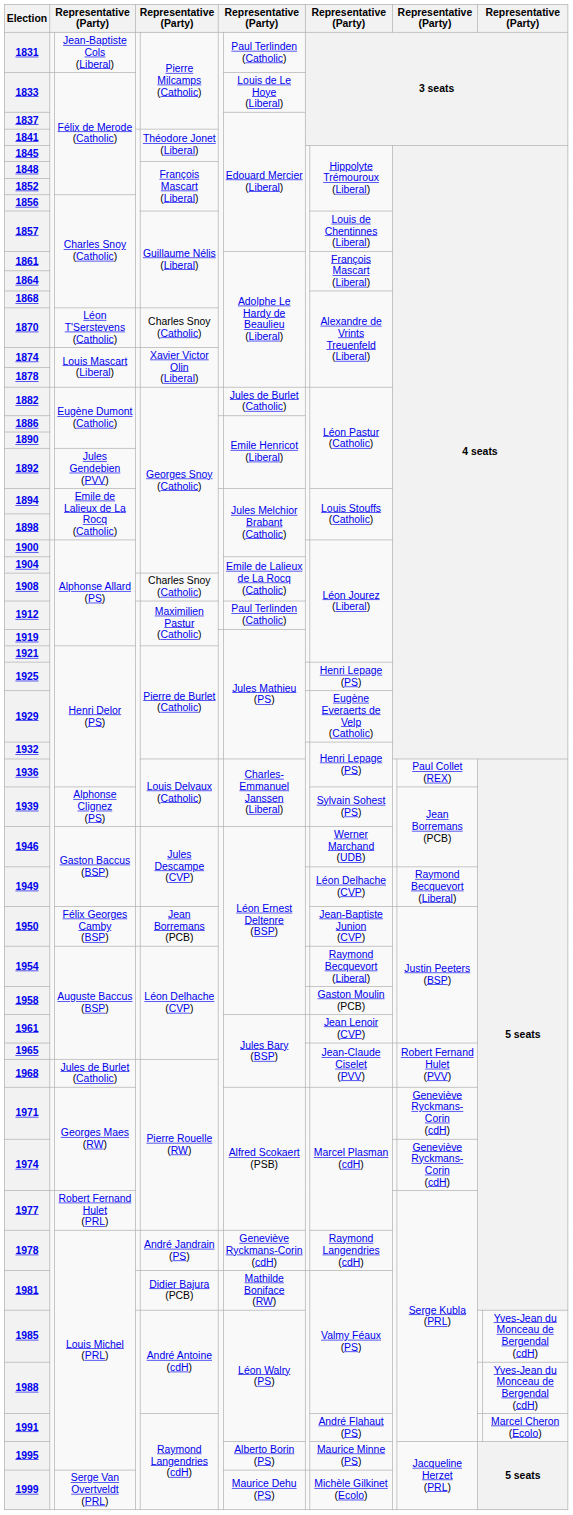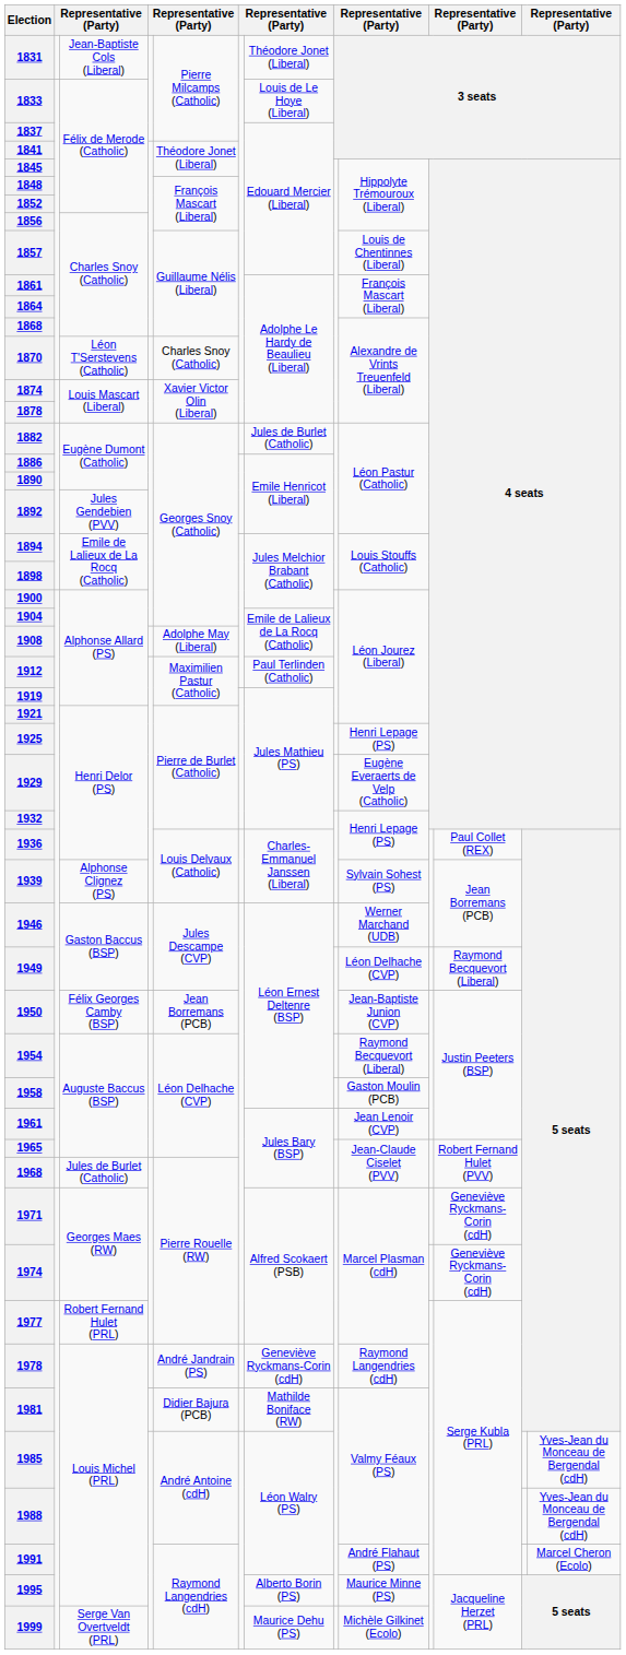 <table class="wikitable" style="text-align:center">
 <tr>
 <th>Election</th>
 <th colspan=2>Representative<br>(Party)</th>
 <th colspan=2>Representative<br>(Party)</th>
 <th colspan=2>Representative<br>(Party)</th>
 <th colspan=2>Representative<br>(Party)</th>
 <th colspan=2>Representative<br>(Party)</th>
 <th colspan=2>Representative<br>(Party)</th>
 </tr>
 <tr>
 <th><a href='#'>1831</a></th>
 <td rowspan=1; style="background-color: "></td>
 <td rowspan=1><a href='#'>Jean-Baptiste Cols</a><br>(<a href='#'>Liberal</a>)</td>
 <td rowspan=3; style="background-color: "></td>
 <td rowspan=3><a href='#'>Pierre Milcamps</a><br>(<a href='#'>Catholic</a>)</td>
 <td rowspan=15; style="background-color: "></td>
-<td rowspan=1><a href='#'>Paul Terlinden</a><br>(<a href='#'>Catholic</a>)</td>
+<td rowspan=1><a href='#'>Théodore Jonet</a><br>(<a href='#'>Liberal</a>)</td>
 <th colspan=6; rowspan=4>3 seats</th>
 </tr>
 <tr>
 <th><a href='#'>1833</a></th>
 <td rowspan=12; style="background-color: "></td>
 <td rowspan=6><a href='#'>Félix de Merode</a><br>(<a href='#'>Catholic</a>)</td>
 <td rowspan=1><a href='#'>Louis de Le Hoye</a><br>(<a href='#'>Liberal</a>)</td>
 </tr>
 <tr>
 <th><a href='#'>1837</a></th>
 <td rowspan=7><a href='#'>Edouard Mercier</a><br>(<a href='#'>Liberal</a>)</td>
 </tr>
 <tr>
 <th><a href='#'>1841</a></th>
 <td rowspan=9; style="background-color: "></td>
 <td rowspan=2><a href='#'>Théodore Jonet</a><br>(<a href='#'>Liberal</a>)</td>
 </tr>
 <tr>
 <th><a href='#'>1845</a></th>
 <td rowspan=11; style="background-color: "></td>
 <td rowspan=4><a href='#'>Hippolyte Trémouroux</a><br>(<a href='#'>Liberal</a>)</td>
 <th colspan=4; rowspan=26>4 seats</th>
 </tr>
 <tr>
 <th><a href='#'>1848</a></th>
 <td rowspan=3><a href='#'>François Mascart</a><br>(<a href='#'>Liberal</a>)</td>
 </tr>
 <tr>
 <th><a href='#'>1852</a></th>
 </tr>
 <tr>
 <th><a href='#'>1856</a></th>
 <td rowspan=5><a href='#'>Charles Snoy</a><br>(<a href='#'>Catholic</a>)</td>
 </tr>
 <tr>
 <th><a href='#'>1857</a></th>
 <td rowspan=4><a href='#'>Guillaume Nélis</a><br>(<a href='#'>Liberal</a>)</td>
 <td rowspan=1><a href='#'>Louis de Chentinnes</a><br>(<a href='#'>Liberal</a>)</td>
 </tr>
 <tr>
 <th><a href='#'>1861</a></th>
 <td rowspan=6><a href='#'>Adolphe Le Hardy de Beaulieu</a><br>(<a href='#'>Liberal</a>)</td>
 <td rowspan=2><a href='#'>François Mascart</a><br>(<a href='#'>Liberal</a>)</td>
 </tr>
 <tr>
 <th><a href='#'>1864</a></th>
 </tr>
 <tr>
 <th><a href='#'>1868</a></th>
 <td rowspan=4><a href='#'>Alexandre de Vrints Treuenfeld</a><br>(<a href='#'>Liberal</a>)</td>
 </tr>
 <tr>
 <th><a href='#'>1870</a></th>
 <td rowspan=1><a href='#'>Léon T'Serstevens</a><br>(<a href='#'>Catholic</a>)</td>
 <td rowspan=1; style="background-color: "></td>
 <td>Charles Snoy<br>(<a href='#'>Catholic</a>)</td>
 </tr>
 <tr>
 <th><a href='#'>1874</a></th>
 <td rowspan=2; style="background-color: "></td>
 <td rowspan=2><a href='#'>Louis Mascart</a><br>(<a href='#'>Liberal</a>)</td>
 <td rowspan=2; style="background-color: "></td>
 <td rowspan=2><a href='#'>Xavier Victor Olin</a><br>(<a href='#'>Liberal</a>)</td>
 </tr>
 <tr>
 <th><a href='#'>1878</a></th>
 </tr>
 <tr>
 <th><a href='#'>1882</a></th>
 <td rowspan=6; style="background-color: "></td>
 <td rowspan=3><a href='#'>Eugène Dumont</a><br>(<a href='#'>Catholic</a>)</td>
 <td rowspan=8; style="background-color: "></td>
 <td rowspan=8><a href='#'>Georges Snoy</a><br>(<a href='#'>Catholic</a>)</td>
 <td rowspan=1; style="background-color: "></td>
 <td rowspan=1><a href='#'>Jules de Burlet</a><br>(<a href='#'>Catholic</a>)</td>
 <td rowspan=6; style="background-color: "></td>
 <td rowspan=4><a href='#'>Léon Pastur</a><br>(<a href='#'>Catholic</a>)</td>
 </tr>
 <tr>
 <th><a href='#'>1886</a></th>
 <td rowspan=3; style="background-color: "></td>
 <td rowspan=3><a href='#'>Emile Henricot</a><br>(<a href='#'>Liberal</a>)</td>
 </tr>
 <tr>
 <th><a href='#'>1890</a></th>
 </tr>
 <tr>
 <th><a href='#'>1892</a></th>
 <td rowspan=1><a href='#'>Jules Gendebien</a><br>(<a href='#'>PVV</a>)</td>
 </tr>
 <tr>
 <th><a href='#'>1894</a></th>
 <td rowspan=2><a href='#'>Emile de Lalieux de La Rocq</a><br>(<a href='#'>Catholic</a>)</td>
 <td rowspan=6; style="background-color: "></td>
 <td rowspan=3><a href='#'>Jules Melchior Brabant</a><br>(<a href='#'>Catholic</a>)</td>
 <td rowspan=2><a href='#'>Louis Stouffs</a><br>(<a href='#'>Catholic</a>)</td>
 </tr>
 <tr>
 <th><a href='#'>1898</a></th>
 </tr>
 <tr>
 <th><a href='#'>1900</a></th>
 <td rowspan=18; style="background-color: "></td>
 <td rowspan=5><a href='#'>Alphonse Allard</a><br>(<a href='#'>PS</a>)</td>
 <td rowspan=6; style="background-color: "></td>
 <td rowspan=6><a href='#'>Léon Jourez</a><br>(<a href='#'>Liberal</a>)</td>
 </tr>
 <tr>
 <th><a href='#'>1904</a></th>
 <td rowspan=2><a href='#'>Emile de Lalieux de La Rocq</a><br>(<a href='#'>Catholic</a>)</td>
 </tr>
 <tr>
 <th><a href='#'>1908</a></th>
 <td rowspan=1; style="background-color: "></td>
-<td>Charles Snoy<br>(<a href='#'>Catholic</a>)</td>
+<td rowspan=1><a href='#'>Adolphe May</a><br>(<a href='#'>Liberal</a>)</td>
 </tr>
 <tr>
 <th><a href='#'>1912</a></th>
 <td rowspan=8; style="background-color: "></td>
 <td rowspan=2><a href='#'>Maximilien Pastur</a><br>(<a href='#'>Catholic</a>)</td>
 <td rowspan=1><a href='#'>Paul Terlinden</a><br>(<a href='#'>Catholic</a>)</td>
 </tr>
 <tr>
 <th><a href='#'>1919</a></th>
 <td rowspan=5; style="background-color: "></td>
 <td rowspan=5><a href='#'>Jules Mathieu</a><br>(<a href='#'>PS</a>)</td>
 </tr>
 <tr>
 <th><a href='#'>1921</a></th>
 <td rowspan=5><a href='#'>Henri Delor</a><br>(<a href='#'>PS</a>)</td>
 <td rowspan=4><a href='#'>Pierre de Burlet</a><br>(<a href='#'>Catholic</a>)</td>
 </tr>
 <tr>
 <th><a href='#'>1925</a></th>
 <td rowspan=1; style="background-color: "></td>
 <td rowspan=1><a href='#'>Henri Lepage</a><br>(<a href='#'>PS</a>)</td>
 </tr>
 <tr>
 <th><a href='#'>1929</a></th>
 <td rowspan=1; style="background-color: "></td>
 <td rowspan=1><a href='#'>Eugène Everaerts de Velp</a><br>(<a href='#'>Catholic</a>)</td>
 </tr>
 <tr>
 <th><a href='#'>1932</a></th>
 <td rowspan=3; style="background-color: "></td>
 <td rowspan=2><a href='#'>Henri Lepage</a><br>(<a href='#'>PS</a>)</td>
 </tr>
 <tr>
 <th><a href='#'>1936</a></th>
 <td rowspan=2><a href='#'>Louis Delvaux</a><br>(<a href='#'>Catholic</a>)</td>
 <td rowspan=2; style="background-color: "></td>
 <td rowspan=2><a href='#'>Charles-Emmanuel Janssen</a><br>(<a href='#'>Liberal</a>)</td>
 <td rowspan=3; style="background-color: "></td>
 <td rowspan=1><a href='#'>Paul Collet</a><br>(<a href='#'>REX</a>)</td>
 <th colspan=2; rowspan=15>5 seats</th>
 </tr>
 <tr>
 <th><a href='#'>1939</a></th>
 <td rowspan=1><a href='#'>Alphonse Clignez</a><br>(<a href='#'>PS</a>)</td>
 <td rowspan=1><a href='#'>Sylvain Sohest</a><br>(<a href='#'>PS</a>)</td>
 <td rowspan=2><a href='#'>Jean Borremans</a><br>(PCB)</td>
 </tr>
 <tr>
 <th><a href='#'>1946</a></th>
 <td rowspan=2><a href='#'>Gaston Baccus</a><br>(<a href='#'>BSP</a>)</td>
 <td rowspan=2; style="background-color: "></td>
 <td rowspan=2><a href='#'>Jules Descampe</a><br>(<a href='#'>CVP</a>)</td>
 <td rowspan=11; style="background-color: "></td>
 <td rowspan=5><a href='#'>Léon Ernest Deltenre</a><br>(<a href='#'>BSP</a>)</td>
 <td rowspan=1; style="background-color: "></td>
 <td rowspan=1><a href='#'>Werner Marchand</a><br>(<a href='#'>UDB</a>)</td>
 </tr>
 <tr>
 <th><a href='#'>1949</a></th>
 <td rowspan=2; style="background-color: "></td>
 <td rowspan=1><a href='#'>Léon Delhache</a><br>(<a href='#'>CVP</a>)</td>
 <td rowspan=1; style="background-color: "></td>
 <td rowspan=1><a href='#'>Raymond Becquevort</a><br>(<a href='#'>Liberal</a>)</td>
 </tr>
 <tr>
 <th><a href='#'>1950</a></th>
 <td rowspan=1><a href='#'>Félix Georges Camby</a><br>(<a href='#'>BSP</a>)</td>
 <td rowspan=1; style="background-color: "></td>
 <td rowspan=1><a href='#'>Jean Borremans</a><br>(PCB)</td>
 <td rowspan=1><a href='#'>Jean-Baptiste Junion</a><br>(<a href='#'>CVP</a>)</td>
 <td rowspan=4; style="background-color: "></td>
 <td rowspan=4><a href='#'>Justin Peeters</a><br>(<a href='#'>BSP</a>)</td>
 </tr>
 <tr>
 <th><a href='#'>1954</a></th>
 <td rowspan=4><a href='#'>Auguste Baccus</a><br>(<a href='#'>BSP</a>)</td>
 <td rowspan=4; style="background-color: "></td>
 <td rowspan=4><a href='#'>Léon Delhache</a><br>(<a href='#'>CVP</a>)</td>
 <td rowspan=1; style="background-color: "></td>
 <td rowspan=1><a href='#'>Raymond Becquevort</a><br>(<a href='#'>Liberal</a>)</td>
 </tr>
 <tr>
 <th><a href='#'>1958</a></th>
 <td rowspan=1; style="background-color: "></td>
 <td rowspan=1><a href='#'>Gaston Moulin</a><br>(PCB)</td>
 </tr>
 <tr>
 <th><a href='#'>1961</a></th>
 <td rowspan=3><a href='#'>Jules Bary</a><br>(<a href='#'>BSP</a>)</td>
 <td rowspan=1; style="background-color: "></td>
 <td rowspan=1><a href='#'>Jean Lenoir</a><br>(<a href='#'>CVP</a>)</td>
 </tr>
 <tr>
 <th><a href='#'>1965</a></th>
 <td rowspan=2; style="background-color: "></td>
 <td rowspan=2><a href='#'>Jean-Claude Ciselet</a><br>(<a href='#'>PVV</a>)</td>
 <td rowspan=2; style="background-color: "></td>
 <td rowspan=2><a href='#'>Robert Fernand Hulet</a><br>(<a href='#'>PVV</a>)</td>
 </tr>
 <tr>
 <th><a href='#'>1968</a></th>
 <td rowspan=1; style="background-color: "></td>
 <td rowspan=1><a href='#'>Jules de Burlet</a><br>(<a href='#'>Catholic</a>)</td>
 <td rowspan=4; style="background-color: "></td>
 <td rowspan=4><a href='#'>Pierre Rouelle</a><br>(<a href='#'>RW</a>)</td>
 </tr>
 <tr>
 <th><a href='#'>1971</a></th>
 <td rowspan=2; style="background-color: "></td>
 <td rowspan=2><a href='#'>Georges Maes</a><br>(<a href='#'>RW</a>)</td>
 <td rowspan=3><a href='#'>Alfred Scokaert</a><br>(PSB)</td>
 <td rowspan=4; style="background-color: "></td>
 <td rowspan=3><a href='#'>Marcel Plasman</a><br>(<a href='#'>cdH</a>)</td>
 <td rowspan=1; style="background-color: "></td>
 <td rowspan=1><a href='#'>Geneviève Ryckmans-Corin</a><br>(<a href='#'>cdH</a>)</td>
 </tr>
 <tr>
 <th><a href='#'>1974</a></th>
 <td rowspan=1; style="background-color: "></td>
 <td rowspan=1><a href='#'>Geneviève Ryckmans-Corin</a><br>(<a href='#'>cdH</a>)</td>
 </tr>
 <tr>
 <th><a href='#'>1977</a></th>
 <td rowspan=8; style="background-color: "></td>
 <td rowspan=1><a href='#'>Robert Fernand Hulet</a><br>(<a href='#'>PRL</a>)</td>
 <td rowspan=8; style="background-color: "></td>
 <td rowspan=6><a href='#'>Serge Kubla</a><br>(<a href='#'>PRL</a>)</td>
 </tr>
 <tr>
 <th><a href='#'>1978</a></th>
 <td rowspan=6><a href='#'>Louis Michel</a><br>(<a href='#'>PRL</a>)</td>
 <td rowspan=1; style="background-color: "></td>
 <td rowspan=1><a href='#'>André Jandrain</a><br>(<a href='#'>PS</a>)</td>
 <td rowspan=1; style="background-color: "></td>
 <td rowspan=1><a href='#'>Geneviève Ryckmans-Corin</a><br>(<a href='#'>cdH</a>)</td>
 <td rowspan=1><a href='#'>Raymond Langendries</a><br>(<a href='#'>cdH</a>)</td>
 </tr>
 <tr>
 <th><a href='#'>1981</a></th>
 <td rowspan=1; style="background-color: "></td>
 <td rowspan=1><a href='#'>Didier Bajura</a><br>(PCB)</td>
 <td rowspan=1; style="background-color: "></td>
 <td rowspan=1><a href='#'>Mathilde Boniface</a><br>(<a href='#'>RW</a>)</td>
 <td rowspan=5; style="background-color: "></td>
 <td rowspan=3><a href='#'>Valmy Féaux</a><br>(<a href='#'>PS</a>)</td>
 </tr>
 <tr>
 <th><a href='#'>1985</a></th>
 <td rowspan=5; style="background-color: "></td>
 <td rowspan=2><a href='#'>André Antoine</a><br>(<a href='#'>cdH</a>)</td>
 <td rowspan=5; style="background-color: "></td>
 <td rowspan=3><a href='#'>Léon Walry</a><br>(<a href='#'>PS</a>)</td>
 <td rowspan=1; style="background-color: "></td>
 <td rowspan=1><a href='#'>Yves-Jean du Monceau de Bergendal</a><br>(<a href='#'>cdH</a>)</td>
 </tr>
 <tr>
 <th><a href='#'>1988</a></th>
 <td rowspan=1; style="background-color: "></td>
 <td rowspan=1><a href='#'>Yves-Jean du Monceau de Bergendal</a><br>(<a href='#'>cdH</a>)</td>
 </tr>
 <tr>
 <th><a href='#'>1991</a></th>
 <td rowspan=3><a href='#'>Raymond Langendries</a><br>(<a href='#'>cdH</a>)</td>
 <td rowspan=1><a href='#'>André Flahaut</a><br>(<a href='#'>PS</a>)</td>
 <td rowspan=1; style="background-color: "></td>
 <td rowspan=1><a href='#'>Marcel Cheron</a><br>(<a href='#'>Ecolo</a>)</td>
 </tr>
 <tr>
 <th><a href='#'>1995</a></th>
 <td rowspan=1><a href='#'>Alberto Borin</a><br>(<a href='#'>PS</a>)</td>
 <td rowspan=1><a href='#'>Maurice Minne</a><br>(<a href='#'>PS</a>)</td>
 <td rowspan=2><a href='#'>Jacqueline Herzet</a><br>(<a href='#'>PRL</a>)</td>
 <th colspan=2; rowspan=2>5 seats</th>
 </tr>
 <tr>
 <th><a href='#'>1999</a></th>
 <td rowspan=1><a href='#'>Serge Van Overtveldt</a><br>(<a href='#'>PRL</a>)</td>
 <td rowspan=1><a href='#'>Maurice Dehu</a><br>(<a href='#'>PS</a>)</td>
 <td rowspan=1; style="background-color: "></td>
 <td rowspan=1><a href='#'>Michèle Gilkinet</a><br>(<a href='#'>Ecolo</a>)</td>
 </tr>
 </table>
